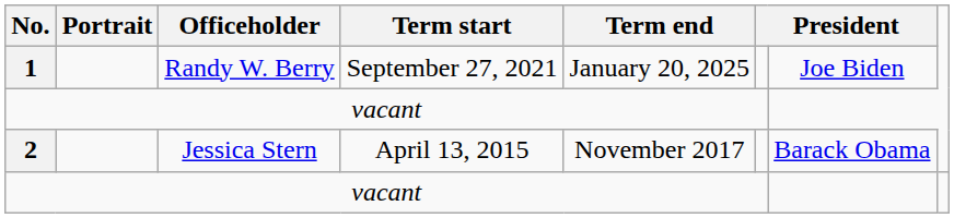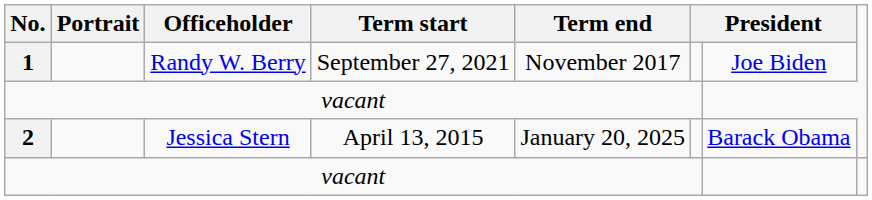 <table class="wikitable" style="text-align:center">
 <tr>
 <th>No.</th>
 <th>Portrait</th>
 <th>Officeholder</th>
 <th>Term start</th>
 <th>Term end</th>
 <th colspan="2">President</th>
 </tr>
 <tr>
 <th style="background: "><span>1</span></th>
 <td></td>
 <td><a href='#'>Randy W. Berry</a></td>
 <td>September 27, 2021</td>
-<td>January 20, 2025</td>
+<td>November 2017</td>
 <td style="background: "></td>
 <td><a href='#'>Joe Biden</a></td>
 </tr>
 <tr>
 <td colspan="6"><em>vacant</em></td>
 </tr>
 <tr>
 <th style="background: "><span>2</span></th>
 <td></td>
 <td><a href='#'>Jessica Stern</a></td>
 <td>April 13, 2015</td>
-<td>November 2017</td>
+<td>January 20, 2025</td>
 <td style="background: "></td>
 <td><a href='#'>Barack Obama</a></td>
 </tr>
 <tr>
 <td colspan="6"><em>vacant</em></td>
 <td></td>
 <td></td>
 </tr>
 </table>
